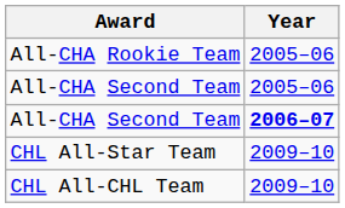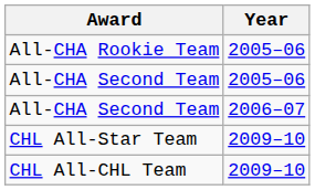 <table class="wikitable">
 <tr>
 <th>Award</th>
 <th>Year</th>
 </tr>
 <tr>
 <td>All-<a href='#'>CHA</a> <a href='#'>Rookie Team</a></td>
 <td><a href='#'>2005–06</a></td>
 </tr>
 <tr>
 <td>All-<a href='#'>CHA</a> <a href='#'>Second Team</a></td>
 <td><a href='#'>2005–06</a></td>
 </tr>
 <tr>
 <td>All-<a href='#'>CHA</a> <a href='#'>Second Team</a></td>
-<td><strong><a href='#'>2006–07</a></strong></td>
+<td><a href='#'>2006–07</a></td>
 </tr>
 <tr>
 <td><a href='#'>CHL</a> All-Star Team</td>
 <td><a href='#'>2009–10</a></td>
 </tr>
 <tr>
 <td><a href='#'>CHL</a> All-CHL Team</td>
 <td><a href='#'>2009–10</a></td>
 </tr>
 </table>
